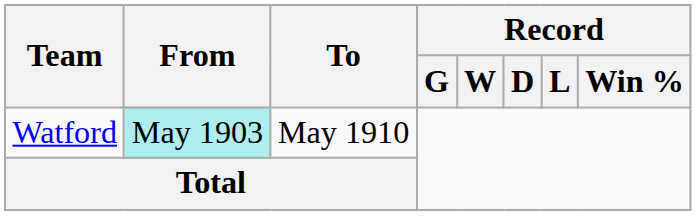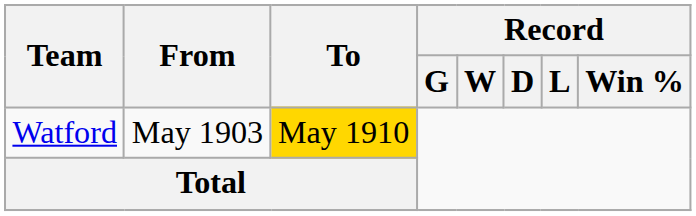 <table class="wikitable" style="text-align: center">
 <tr>
 <th rowspan="2">Team</th>
 <th rowspan="2">From</th>
 <th rowspan="2">To</th>
 <th colspan="5">Record</th>
 </tr>
 <tr>
 <th>G</th>
 <th>W</th>
 <th>D</th>
 <th>L</th>
 <th>Win %</th>
 </tr>
 <tr>
 <td align=left><a href='#'>Watford</a></td>
-<td align=left style="background: paleturquoise;">May 1903</td>
-<td align=left>May 1910<br></td>
+<td align=left>May 1903</td>
+<td align=left style="background: gold;">May 1910<br></td>
 </tr>
 <tr>
 <th colspan=3>Total<br></th>
 </tr>
 </table>
